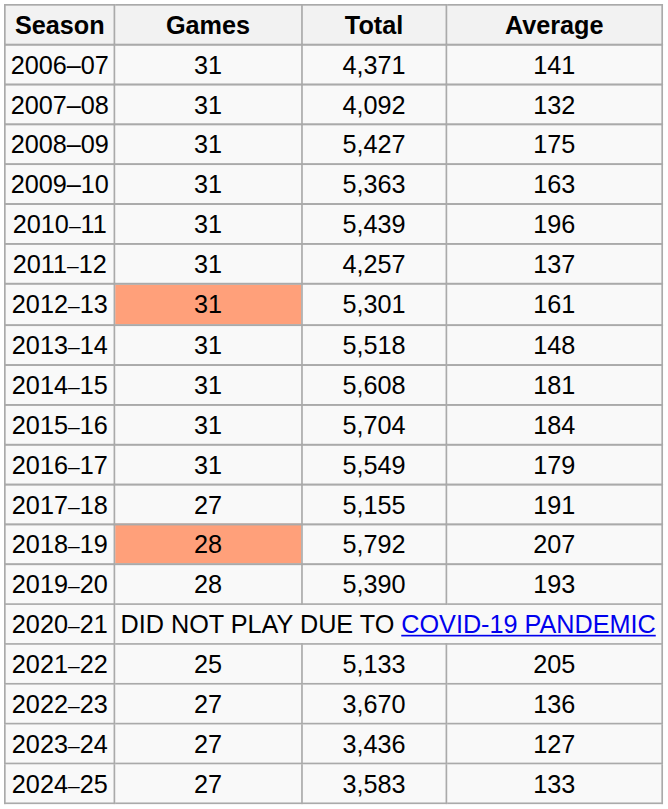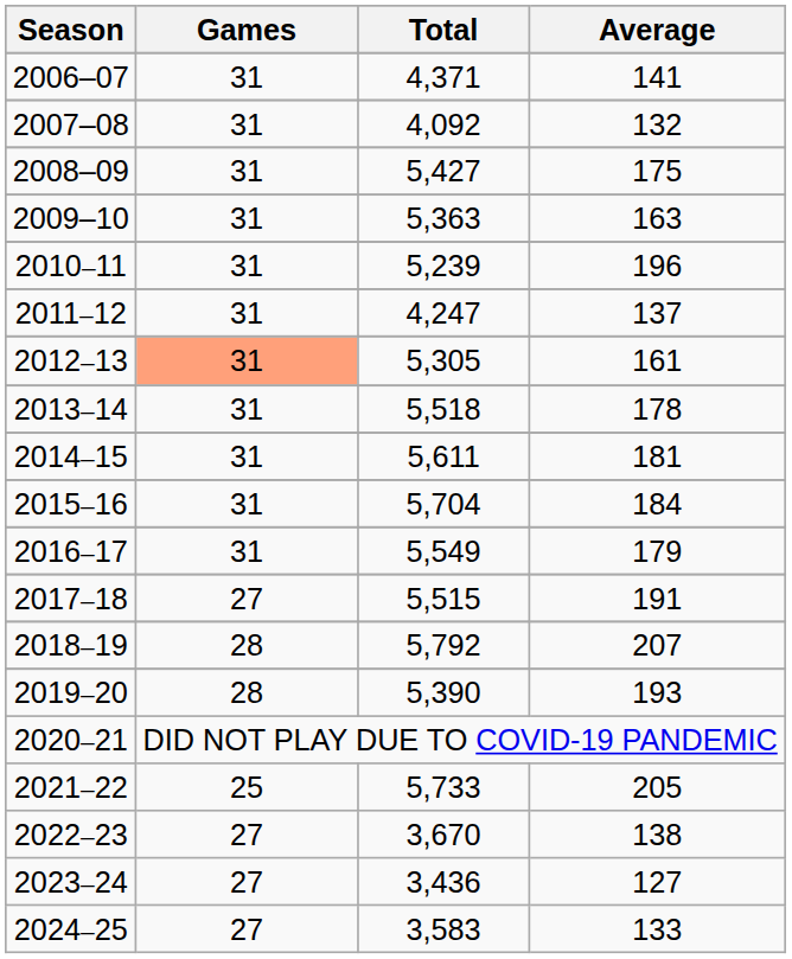 <table class="wikitable" border="1" style="text-align:center; font-size:95%">
 <tr style="text-align:center; font-weight:bold; background-color:#dddddd;">
 <th rowspan="1">Season</th>
 <th rowspan="1">Games</th>
 <th rowspan="1">Total</th>
 <th rowspan="1">Average</th>
 </tr>
 <tr>
 </tr>
 <tr>
 </tr>
 <tr>
 </tr>
 <tr>
 <td>2006–07</td>
 <td>31</td>
 <td>4,371</td>
 <td>141</td>
 </tr>
 <tr>
 </tr>
 <tr style="text-align:center">
 <td>2007–08</td>
 <td>31</td>
 <td>4,092</td>
 <td>132</td>
 </tr>
 <tr>
 </tr>
 <tr style="text-align:center">
 <td>2008–09</td>
 <td>31</td>
 <td>5,427</td>
 <td>175</td>
 </tr>
 <tr>
 </tr>
 <tr style="text-align:center">
 <td>2009–10</td>
 <td>31</td>
 <td>5,363</td>
 <td>163</td>
 </tr>
 <tr>
 </tr>
 <tr style="text-align:center">
 <td>2010<small>–</small>11</td>
 <td>31</td>
-<td>5,439</td>
+<td>5,239</td>
 <td>196</td>
 </tr>
 <tr>
 </tr>
 <tr style="text-align:center">
 <td>2011<small>–</small>12</td>
 <td>31</td>
-<td>4,257</td>
+<td>4,247</td>
 <td>137</td>
 </tr>
 <tr>
 </tr>
 <tr style="text-align:center">
 <td>2012<small>–</small>13</td>
 <td style="background: lightsalmon;">31</td>
-<td>5,301</td>
+<td>5,305</td>
 <td>161</td>
 </tr>
 <tr>
 </tr>
 <tr style="text-align:center">
 <td>2013<small>–</small>14</td>
 <td>31</td>
 <td>5,518</td>
-<td>148</td>
+<td>178</td>
 </tr>
 <tr>
 </tr>
 <tr style="text-align:center">
 <td>2014<small>–</small>15</td>
 <td>31</td>
-<td>5,608</td>
+<td>5,611</td>
 <td>181</td>
 </tr>
 <tr>
 </tr>
 <tr style="text-align:center">
 <td>2015<small>–</small>16</td>
 <td>31</td>
 <td>5,704</td>
 <td>184</td>
 </tr>
 <tr>
 </tr>
 <tr style="text-align:center">
 <td>2016<small>–</small>17</td>
 <td>31</td>
 <td>5,549</td>
 <td>179</td>
 </tr>
 <tr>
 </tr>
 <tr style="text-align:center">
 <td>2017<small>–</small>18</td>
 <td>27</td>
-<td>5,155</td>
+<td>5,515</td>
 <td>191</td>
 </tr>
 <tr>
 </tr>
 <tr style="”text-align:center”">
 <td>2018<small>–</small>19</td>
-<td style="background: lightsalmon;">28</td>
+<td>28</td>
 <td>5,792</td>
 <td>207</td>
 </tr>
 <tr>
 </tr>
 <tr style="“text-align:center”">
 <td>2019<small>–</small>20</td>
 <td>28</td>
 <td>5,390</td>
 <td>193</td>
 </tr>
 <tr>
 <td>2020<small>–</small>21</td>
 <td colspan="3">DID NOT PLAY DUE TO <a href='#'>COVID-19 PANDEMIC</a></td>
 </tr>
 <tr>
 <td>2021<small>–</small>22</td>
 <td>25</td>
-<td>5,133</td>
+<td>5,733</td>
 <td>205</td>
 </tr>
 <tr>
 <td>2022<small>–</small>23</td>
 <td>27</td>
 <td>3,670</td>
-<td>136</td>
+<td>138</td>
 </tr>
 <tr>
 <td>2023<small>–</small>24</td>
 <td>27</td>
 <td>3,436</td>
 <td>127</td>
 </tr>
 <tr>
 <td>2024<small>–</small>25</td>
 <td>27</td>
 <td>3,583</td>
 <td>133</td>
 </tr>
 </table>
